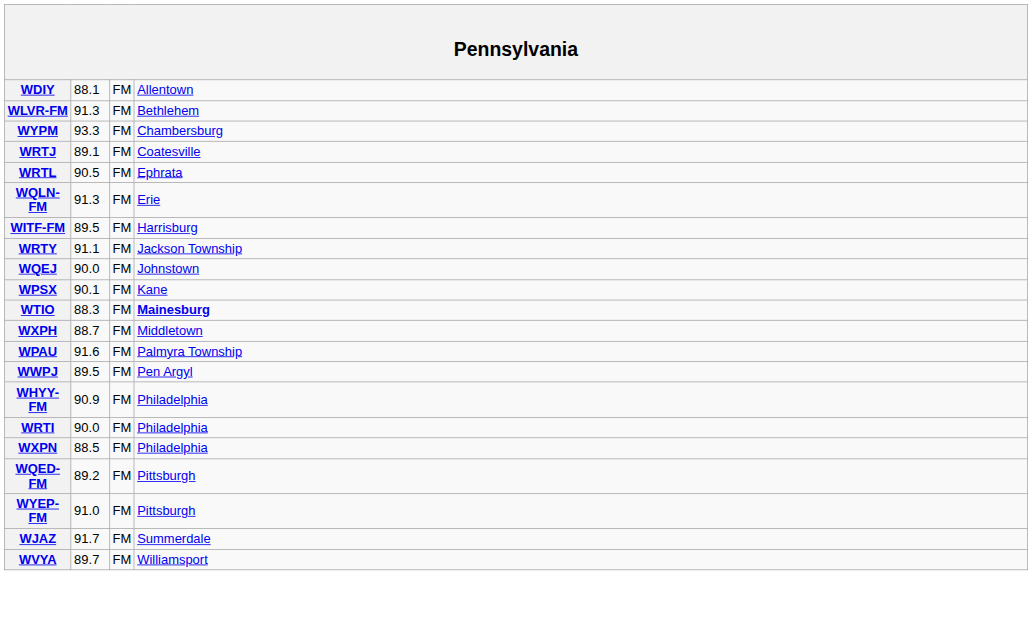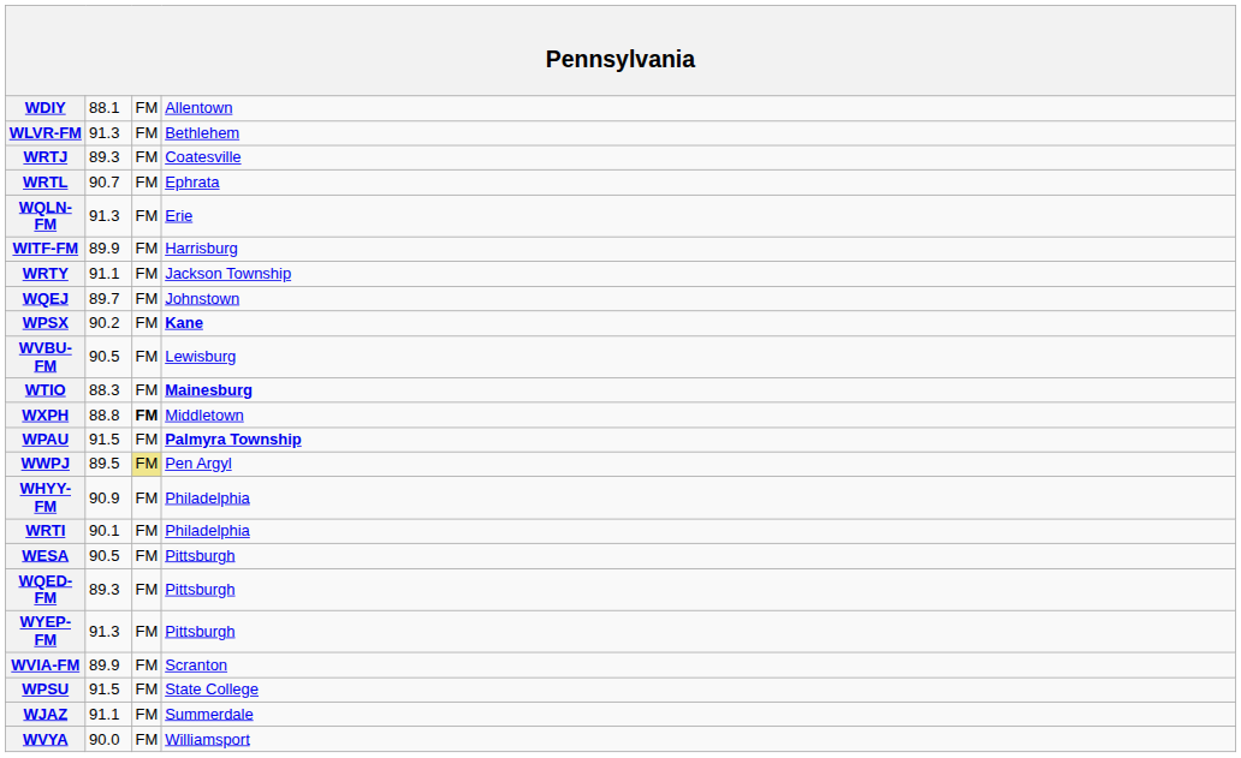 <table class="wikitable mw-collapsible" style="width:100%">
 <tr>
 <th scope="col" colspan="4"><br><h2>Pennsylvania</h2></th>
 </tr>
 <tr>
 <th scope="row" style="width: 75px;"><a href='#'>WDIY</a></th>
 <td style="width: 40px;">88.1</td>
 <td style="width: 21px;">FM</td>
 <td><a href='#'>Allentown</a></td>
 </tr>
 <tr>
 <th scope="row"><a href='#'>WLVR-FM</a></th>
 <td>91.3</td>
 <td>FM</td>
 <td><a href='#'>Bethlehem</a></td>
 </tr>
 <tr>
-<th scope="row"><a href='#'>WYPM</a></th>
-<td>93.3</td>
-<td>FM</td>
-<td><a href='#'>Chambersburg</a></td>
-</tr>
-<tr>
 <th scope="row"><a href='#'>WRTJ</a></th>
-<td>89.1</td>
+<td>89.3</td>
 <td>FM</td>
 <td><a href='#'>Coatesville</a></td>
 </tr>
 <tr>
 <th scope="row"><a href='#'>WRTL</a></th>
-<td>90.5</td>
+<td>90.7</td>
 <td>FM</td>
 <td><a href='#'>Ephrata</a></td>
 </tr>
 <tr>
 <th scope="row"><a href='#'>WQLN-FM</a></th>
 <td>91.3</td>
 <td>FM</td>
 <td><a href='#'>Erie</a></td>
 </tr>
 <tr>
 <th scope="row"><a href='#'>WITF-FM</a></th>
-<td>89.5</td>
+<td>89.9</td>
 <td>FM</td>
 <td><a href='#'>Harrisburg</a></td>
 </tr>
 <tr>
 <th scope="row"><a href='#'>WRTY</a></th>
 <td>91.1</td>
 <td>FM</td>
 <td><a href='#'>Jackson Township</a></td>
 </tr>
 <tr>
 <th scope="row"><a href='#'>WQEJ</a></th>
-<td>90.0</td>
+<td>89.7</td>
 <td>FM</td>
 <td><a href='#'>Johnstown</a></td>
 </tr>
 <tr>
 <th scope="row"><a href='#'>WPSX</a></th>
-<td>90.1</td>
+<td>90.2</td>
 <td>FM</td>
-<td><a href='#'>Kane</a></td>
+<td><strong><a href='#'>Kane</a></strong></td>
+</tr>
+<tr>
+<th scope="row"><a href='#'>WVBU-FM</a></th>
+<td>90.5</td>
+<td>FM</td>
+<td><a href='#'>Lewisburg</a></td>
 </tr>
 <tr>
 <th scope="row"><a href='#'>WTIO</a></th>
 <td>88.3</td>
 <td>FM</td>
 <td><strong><a href='#'>Mainesburg</a></strong></td>
 </tr>
 <tr>
 <th scope="row"><a href='#'>WXPH</a></th>
-<td>88.7</td>
-<td>FM</td>
+<td>88.8</td>
+<td><strong>FM</strong></td>
 <td><a href='#'>Middletown</a></td>
 </tr>
 <tr>
 <th scope="row"><a href='#'>WPAU</a></th>
-<td>91.6</td>
+<td>91.5</td>
 <td>FM</td>
-<td><a href='#'>Palmyra Township</a></td>
+<td><strong><a href='#'>Palmyra Township</a></strong></td>
 </tr>
 <tr>
 <th scope="row"><a href='#'>WWPJ</a></th>
 <td>89.5</td>
-<td>FM</td>
+<td style="background: khaki;">FM</td>
 <td><a href='#'>Pen Argyl</a></td>
 </tr>
 <tr>
 <th scope="row"><a href='#'>WHYY-FM</a></th>
 <td>90.9</td>
 <td>FM</td>
 <td><a href='#'>Philadelphia</a></td>
 </tr>
 <tr>
 <th scope="row"><a href='#'>WRTI</a></th>
-<td>90.0</td>
+<td>90.1</td>
 <td>FM</td>
 <td><a href='#'>Philadelphia</a></td>
 </tr>
 <tr>
-<th scope="row"><a href='#'>WXPN</a></th>
-<td>88.5</td>
+<th scope="row"><a href='#'>WESA</a></th>
+<td>90.5</td>
 <td>FM</td>
-<td><a href='#'>Philadelphia</a></td>
+<td><a href='#'>Pittsburgh</a></td>
 </tr>
 <tr>
 <th scope="row"><a href='#'>WQED-FM</a></th>
-<td>89.2</td>
+<td>89.3</td>
 <td>FM</td>
 <td><a href='#'>Pittsburgh</a></td>
 </tr>
 <tr>
 <th scope="row"><a href='#'>WYEP-FM</a></th>
-<td>91.0</td>
+<td>91.3</td>
 <td>FM</td>
 <td><a href='#'>Pittsburgh</a></td>
 </tr>
 <tr>
+<th scope="row"><a href='#'>WVIA-FM</a></th>
+<td>89.9</td>
+<td>FM</td>
+<td><a href='#'>Scranton</a></td>
+</tr>
+<tr>
+<th scope="row"><a href='#'>WPSU</a></th>
+<td>91.5</td>
+<td>FM</td>
+<td><a href='#'>State College</a></td>
+</tr>
+<tr>
 <th scope="row"><a href='#'>WJAZ</a></th>
-<td>91.7</td>
+<td>91.1</td>
 <td>FM</td>
 <td><a href='#'>Summerdale</a></td>
 </tr>
 <tr>
 <th scope="row"><a href='#'>WVYA</a></th>
-<td>89.7</td>
+<td>90.0</td>
 <td>FM</td>
 <td><a href='#'>Williamsport</a></td>
 </tr>
 </table>
